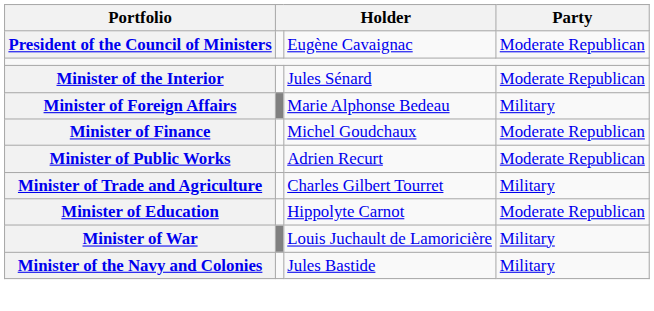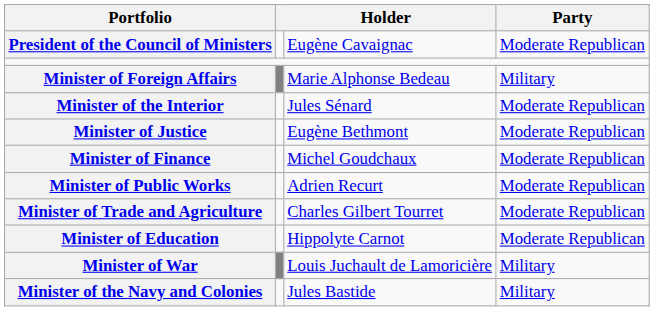 <table class="wikitable">
 <tr>
 <th>Portfolio</th>
 <th colspan=2>Holder</th>
 <th>Party</th>
 </tr>
 <tr>
 <th><a href='#'>President of the Council of Ministers</a></th>
 <td style="background:"></td>
 <td><a href='#'>Eugène Cavaignac</a></td>
 <td><a href='#'>Moderate Republican</a></td>
 </tr>
 <tr>
 <td colspan=4></td>
 </tr>
 <tr>
+<th><a href='#'>Minister of Foreign Affairs</a></th>
+<td style="background:#808080;"></td>
+<td><a href='#'>Marie Alphonse Bedeau</a></td>
+<td><a href='#'>Military</a></td>
+</tr>
+<tr>
 <th><a href='#'>Minister of the Interior</a></th>
 <td style="background:"></td>
 <td><a href='#'>Jules Sénard</a></td>
 <td><a href='#'>Moderate Republican</a></td>
 </tr>
 <tr>
-<th><a href='#'>Minister of Foreign Affairs</a></th>
-<td style="background:#808080;"></td>
-<td><a href='#'>Marie Alphonse Bedeau</a></td>
-<td><a href='#'>Military</a></td>
+<th><a href='#'>Minister of Justice</a></th>
+<td style="background:"></td>
+<td><a href='#'>Eugène Bethmont</a></td>
+<td><a href='#'>Moderate Republican</a></td>
 </tr>
 <tr>
 <th><a href='#'>Minister of Finance</a></th>
 <td style="background:"></td>
 <td><a href='#'>Michel Goudchaux</a></td>
 <td><a href='#'>Moderate Republican</a></td>
 </tr>
 <tr>
 <th><a href='#'>Minister of Public Works</a></th>
 <td style="background:"></td>
 <td><a href='#'>Adrien Recurt</a></td>
 <td><a href='#'>Moderate Republican</a></td>
 </tr>
 <tr>
 <th><a href='#'>Minister of Trade and Agriculture</a></th>
 <td style="background:"></td>
 <td><a href='#'>Charles Gilbert Tourret</a></td>
-<td><a href='#'>Military</a></td>
+<td><a href='#'>Moderate Republican</a></td>
 </tr>
 <tr>
 <th><a href='#'>Minister of Education</a></th>
 <td style="background:"></td>
 <td><a href='#'>Hippolyte Carnot</a></td>
 <td><a href='#'>Moderate Republican</a></td>
 </tr>
 <tr>
 <th><a href='#'>Minister of War</a></th>
 <td style="background:#808080;"></td>
 <td><a href='#'>Louis Juchault de Lamoricière</a></td>
 <td><a href='#'>Military</a></td>
 </tr>
 <tr>
 <th><a href='#'>Minister of the Navy and Colonies</a></th>
 <td style="background:"></td>
 <td><a href='#'>Jules Bastide</a></td>
 <td><a href='#'>Military</a></td>
 </tr>
 </table>
